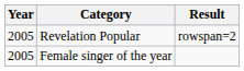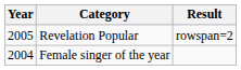 <table class="wikitable">
 <tr style="background:#b0c4de;">
 <th>Year</th>
 <th>Category</th>
 <th>Result</th>
 </tr>
 <tr>
 <td>2005</td>
 <td>Revelation Popular</td>
 <td>rowspan=2 </td>
 </tr>
 <tr>
-<td>2005</td>
+<td>2004</td>
 <td>Female singer of the year</td>
 </tr>
 </table>
